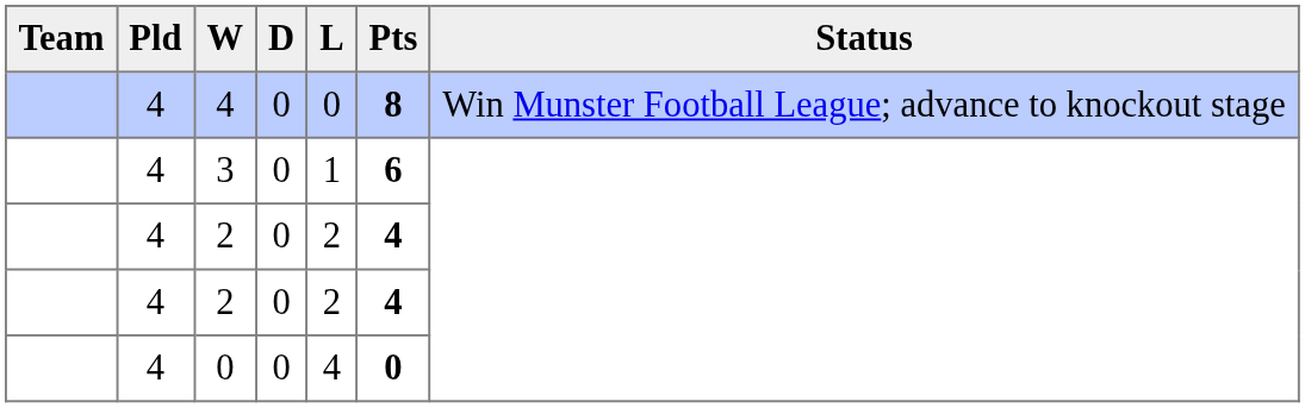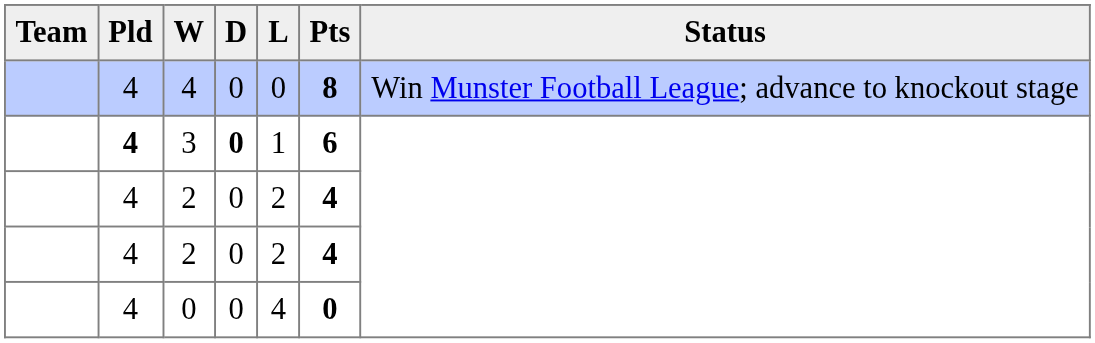 <table style=border-collapse:collapse border=1 cellspacing=0 cellpadding=5>
 <tr align=center bgcolor=#efefef>
 <th>Team</th>
 <th>Pld</th>
 <th>W</th>
 <th>D</th>
 <th>L</th>
 <th>Pts</th>
 <th>Status</th>
 </tr>
 <tr align=center style="background:#bbccff;">
 <td style="text-align:left;"> </td>
 <td>4</td>
 <td>4</td>
 <td>0</td>
 <td>0</td>
 <td><strong>8</strong></td>
 <td rowspan=1>Win <a href='#'>Munster Football League</a>; advance to knockout stage</td>
 </tr>
 <tr align=center style="background:#FFFFFF;">
 <td style="text-align:left;"> </td>
-<td>4</td>
+<td><strong>4</strong></td>
 <td>3</td>
-<td>0</td>
+<td><strong>0</strong></td>
 <td>1</td>
 <td><strong>6</strong></td>
 <td rowspan=4></td>
 </tr>
 <tr align=center style="background:#FFFFFF;">
 <td style="text-align:left;"> </td>
 <td>4</td>
 <td>2</td>
 <td>0</td>
 <td>2</td>
 <td><strong>4</strong></td>
 </tr>
 <tr align=center style="background:#FFFFFF;">
 <td style="text-align:left;"> </td>
 <td>4</td>
 <td>2</td>
 <td>0</td>
 <td>2</td>
 <td><strong>4</strong></td>
 </tr>
 <tr align=center style="background:#FFFFFF;">
 <td style="text-align:left;"> </td>
 <td>4</td>
 <td>0</td>
 <td>0</td>
 <td>4</td>
 <td><strong>0</strong></td>
 </tr>
 </table>
